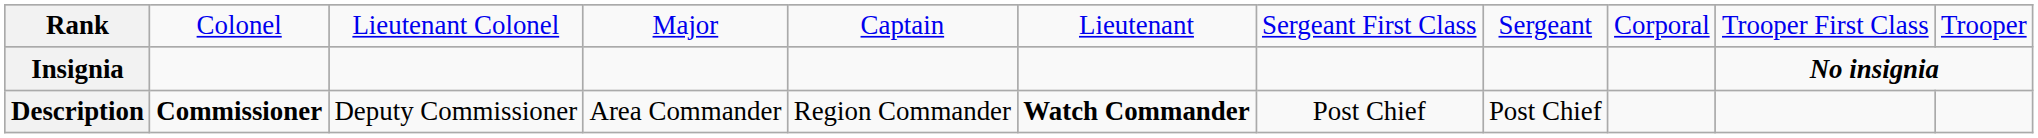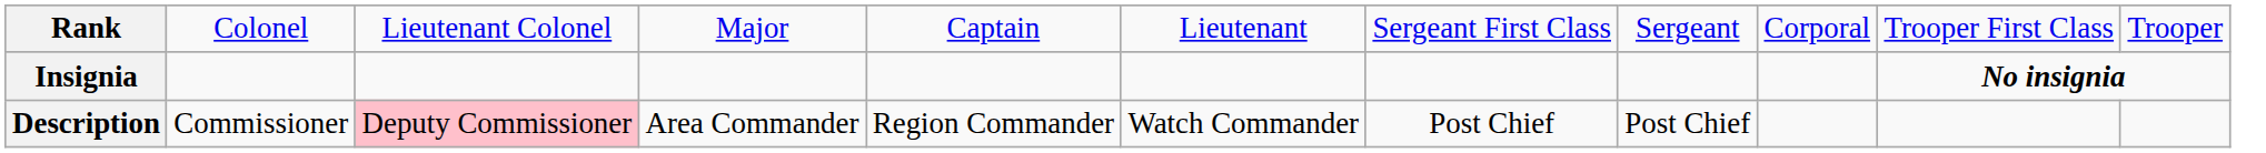 <table class="wikitable">
 <tr style="text-align:center;">
 <th>Rank</th>
 <td><a href='#'>Colonel</a></td>
 <td><a href='#'>Lieutenant Colonel</a></td>
 <td><a href='#'>Major</a></td>
 <td><a href='#'>Captain</a></td>
 <td><a href='#'>Lieutenant</a></td>
 <td><a href='#'>Sergeant First Class</a></td>
 <td><a href='#'>Sergeant</a></td>
 <td><a href='#'>Corporal</a></td>
 <td><a href='#'>Trooper First Class</a></td>
 <td><a href='#'>Trooper</a></td>
 </tr>
 <tr style="text-align:center;">
 <th>Insignia</th>
 <td></td>
 <td></td>
 <td></td>
 <td></td>
 <td></td>
 <td></td>
 <td></td>
 <td></td>
 <td colspan=2><strong><em>No insignia</em></strong></td>
 </tr>
 <tr style="text-align:center;">
 <th>Description</th>
-<td><strong>Commissioner</strong></td>
-<td>Deputy Commissioner</td>
+<td>Commissioner</td>
+<td style="background: pink;">Deputy Commissioner</td>
 <td>Area Commander</td>
 <td>Region Commander</td>
-<td><strong>Watch Commander</strong></td>
+<td>Watch Commander</td>
 <td>Post Chief</td>
 <td>Post Chief</td>
 <td></td>
 <td></td>
 <td></td>
 </tr>
 </table>
